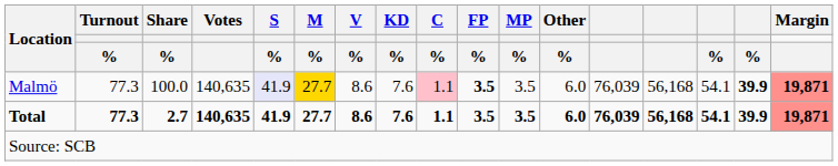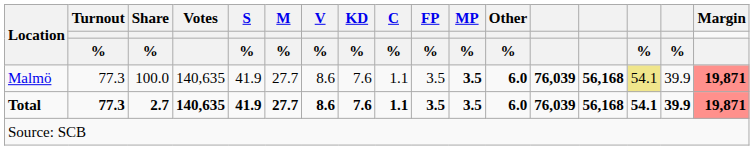 <table class="wikitable sortable" style="text-align:right; font-size:95%; line-height:20px;">
 <tr>
 <th rowspan="3">Location</th>
 <th>Turnout</th>
 <th>Share</th>
 <th>Votes</th>
 <th width="30px" class="unsortable"><a href='#'>S</a></th>
 <th width="30px" class="unsortable"><a href='#'>M</a></th>
 <th width="30px" class="unsortable"><a href='#'>V</a></th>
 <th width="30px" class="unsortable"><a href='#'>KD</a></th>
 <th width="30px" class="unsortable"><a href='#'>C</a></th>
 <th width="30px" class="unsortable"><a href='#'>FP</a></th>
 <th width="30px" class="unsortable"><a href='#'>MP</a></th>
 <th width="30px" class="unsortable">Other</th>
 <th></th>
 <th></th>
 <th></th>
 <th></th>
 <th>Margin</th>
 </tr>
 <tr>
 <th></th>
 <th></th>
 <th></th>
 <th style="background:"></th>
 <th style="background:"></th>
 <th style="background:"></th>
 <th style="background:"></th>
 <th style="background:"></th>
 <th style="background:"></th>
 <th style="background:"></th>
 <th style="background:"></th>
 <th style="background:"></th>
 <th style="background:"></th>
 <th style="background:"></th>
 <th style="background:"></th>
 </tr>
 <tr>
 <th data-sort-type="number">%</th>
 <th data-sort-type="number">%</th>
 <th></th>
 <th data-sort-type="number">%</th>
 <th data-sort-type="number">%</th>
 <th data-sort-type="number">%</th>
 <th data-sort-type="number">%</th>
 <th data-sort-type="number">%</th>
 <th data-sort-type="number">%</th>
 <th data-sort-type="number">%</th>
 <th data-sort-type="number">%</th>
 <th data-sort-type="number"></th>
 <th data-sort-type="number"></th>
 <th data-sort-type="number">%</th>
 <th data-sort-type="number">%</th>
 <th data-sort-type="number"></th>
 </tr>
 <tr>
 <td align=left><a href='#'>Malmö</a></td>
 <td>77.3</td>
 <td>100.0</td>
 <td>140,635</td>
-<td style="background: lavender;">41.9</td>
-<td style="background: gold;">27.7</td>
+<td>41.9</td>
+<td>27.7</td>
 <td>8.6</td>
 <td>7.6</td>
-<td style="background: pink;">1.1</td>
+<td>1.1</td>
+<td>3.5</td>
 <td><strong>3.5</strong></td>
-<td>3.5</td>
-<td>6.0</td>
-<td>76,039</td>
-<td>56,168</td>
-<td>54.1</td>
-<td><strong>39.9</strong></td>
+<td><strong>6.0</strong></td>
+<td><strong>76,039</strong></td>
+<td><strong>56,168</strong></td>
+<td style="background: khaki;">54.1</td>
+<td>39.9</td>
 <td bgcolor=#ff908c><strong>19,871</strong></td>
 </tr>
 <tr>
 <td align=left><strong>Total</strong></td>
 <td><strong>77.3</strong></td>
 <td><strong>2.7</strong></td>
 <td><strong>140,635</strong></td>
 <td><strong>41.9</strong></td>
 <td><strong>27.7</strong></td>
 <td><strong>8.6</strong></td>
 <td><strong>7.6</strong></td>
 <td><strong>1.1</strong></td>
 <td><strong>3.5</strong></td>
 <td><strong>3.5</strong></td>
 <td><strong>6.0</strong></td>
 <td><strong>76,039</strong></td>
 <td><strong>56,168</strong></td>
 <td><strong>54.1</strong></td>
 <td><strong>39.9</strong></td>
 <td bgcolor=#ff908c><strong>19,871</strong></td>
 </tr>
 <tr>
 <td align=left colspan=17>Source: SCB </td>
 </tr>
 </table>
